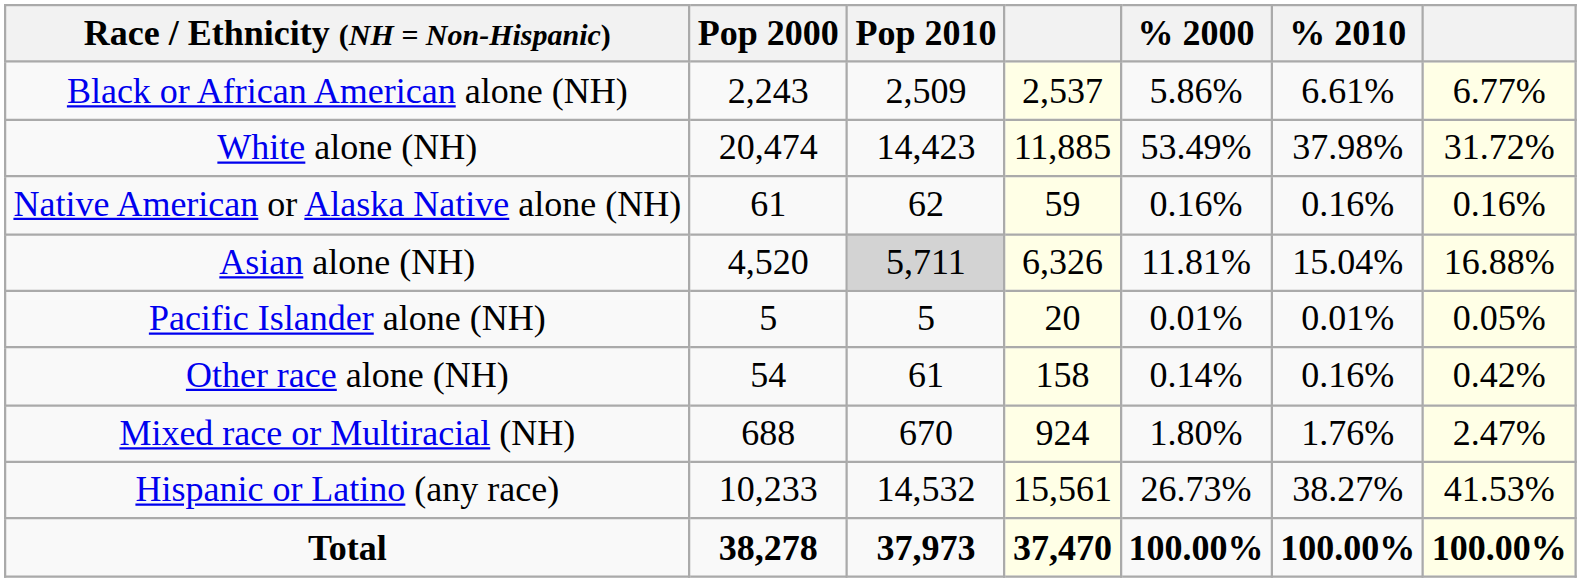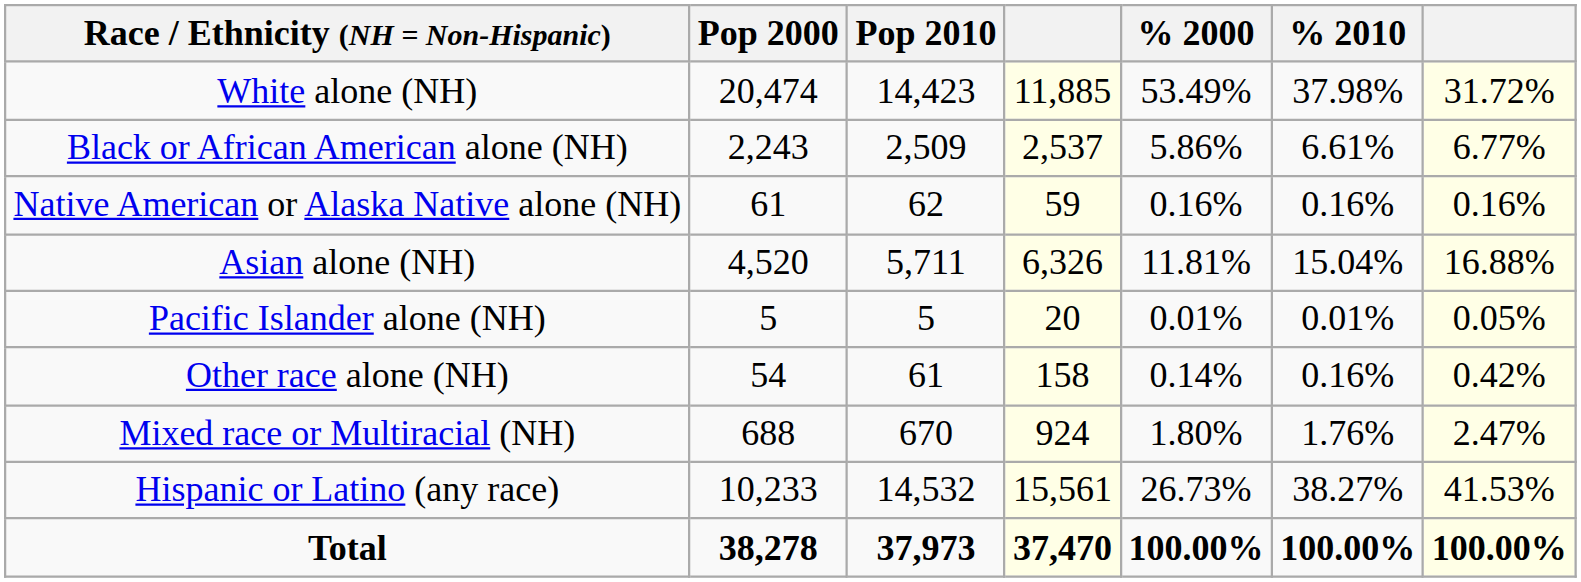 <table class="wikitable" style="text-align:center;">
 <tr>
 <th>Race / Ethnicity <small>(<em>NH = Non-Hispanic</em>)</small></th>
 <th>Pop 2000</th>
 <th>Pop 2010</th>
 <th></th>
 <th>% 2000</th>
 <th>% 2010</th>
 <th></th>
 </tr>
 <tr>
+<td><a href='#'>White</a> alone (NH)</td>
+<td>20,474</td>
+<td>14,423</td>
+<td style='background: #ffffe6;'>11,885</td>
+<td>53.49%</td>
+<td>37.98%</td>
+<td style='background: #ffffe6;'>31.72%</td>
+</tr>
+<tr>
 <td><a href='#'>Black or African American</a> alone (NH)</td>
 <td>2,243</td>
 <td>2,509</td>
 <td style='background: #ffffe6;'>2,537</td>
 <td>5.86%</td>
 <td>6.61%</td>
 <td style='background: #ffffe6;'>6.77%</td>
-</tr>
-<tr>
-<td><a href='#'>White</a> alone (NH)</td>
-<td>20,474</td>
-<td>14,423</td>
-<td style='background: #ffffe6;'>11,885</td>
-<td>53.49%</td>
-<td>37.98%</td>
-<td style='background: #ffffe6;'>31.72%</td>
 </tr>
 <tr>
 <td><a href='#'>Native American</a> or <a href='#'>Alaska Native</a> alone (NH)</td>
 <td>61</td>
 <td>62</td>
 <td style='background: #ffffe6;'>59</td>
 <td>0.16%</td>
 <td>0.16%</td>
 <td style='background: #ffffe6;'>0.16%</td>
 </tr>
 <tr>
 <td><a href='#'>Asian</a> alone (NH)</td>
 <td>4,520</td>
-<td style="background: lightgrey;">5,711</td>
+<td>5,711</td>
 <td style='background: #ffffe6;'>6,326</td>
 <td>11.81%</td>
 <td>15.04%</td>
 <td style='background: #ffffe6;'>16.88%</td>
 </tr>
 <tr>
 <td><a href='#'>Pacific Islander</a> alone (NH)</td>
 <td>5</td>
 <td>5</td>
 <td style='background: #ffffe6;'>20</td>
 <td>0.01%</td>
 <td>0.01%</td>
 <td style='background: #ffffe6;'>0.05%</td>
 </tr>
 <tr>
 <td><a href='#'>Other race</a> alone (NH)</td>
 <td>54</td>
 <td>61</td>
 <td style='background: #ffffe6;'>158</td>
 <td>0.14%</td>
 <td>0.16%</td>
 <td style='background: #ffffe6;'>0.42%</td>
 </tr>
 <tr>
 <td><a href='#'>Mixed race or Multiracial</a> (NH)</td>
 <td>688</td>
 <td>670</td>
 <td style='background: #ffffe6;'>924</td>
 <td>1.80%</td>
 <td>1.76%</td>
 <td style='background: #ffffe6;'>2.47%</td>
 </tr>
 <tr>
 <td><a href='#'>Hispanic or Latino</a> (any race)</td>
 <td>10,233</td>
 <td>14,532</td>
 <td style='background: #ffffe6;'>15,561</td>
 <td>26.73%</td>
 <td>38.27%</td>
 <td style='background: #ffffe6;'>41.53%</td>
 </tr>
 <tr>
 <td><strong>Total</strong></td>
 <td><strong>38,278</strong></td>
 <td><strong>37,973</strong></td>
 <td style='background: #ffffe6;'><strong>37,470</strong></td>
 <td><strong>100.00%</strong></td>
 <td><strong>100.00%</strong></td>
 <td style='background: #ffffe6;'><strong>100.00%</strong></td>
 </tr>
 </table>
